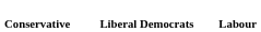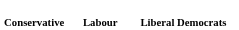 <table style="width:60%; text-align:center;">
 <tr style="color:white;">
 <td style="background:"><strong>27</strong></td>
+<td style="background:"><strong>16</strong></td>
 <td style="background:"><strong>5</strong></td>
-<td style="background:"><strong>16</strong></td>
 </tr>
 <tr>
 <td><span><strong>Conservative</strong></span></td>
+<td><span><strong>Labour</strong></span></td>
 <td><span><strong>Liberal Democrats</strong></span></td>
-<td><span><strong>Labour</strong></span></td>
 </tr>
 </table>
